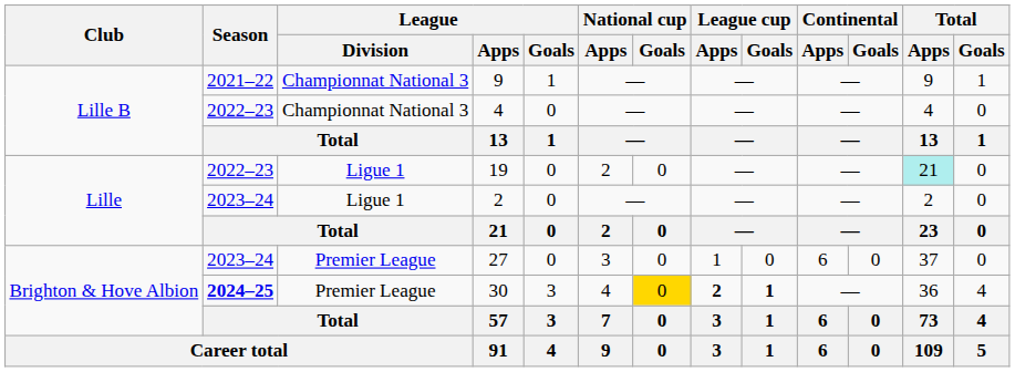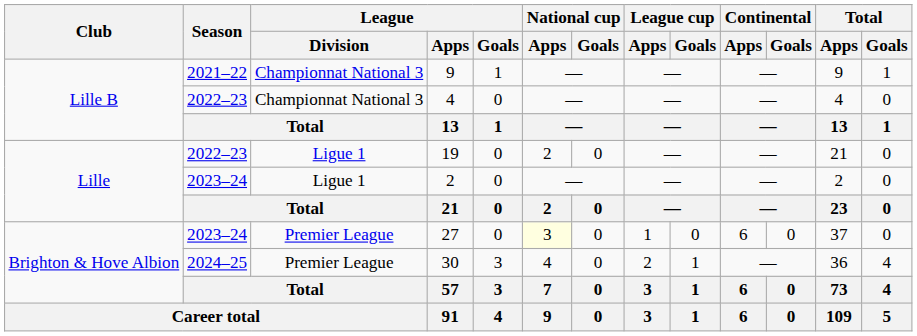 <table class="wikitable" style="text-align: center;">
 <tr>
 <th rowspan="2">Club</th>
 <th rowspan="2">Season</th>
 <th colspan="3">League</th>
 <th colspan="2">National cup</th>
 <th colspan="2">League cup</th>
 <th colspan="2">Continental</th>
 <th colspan="2">Total</th>
 </tr>
 <tr>
 <th>Division</th>
 <th>Apps</th>
 <th>Goals</th>
 <th>Apps</th>
 <th>Goals</th>
 <th>Apps</th>
 <th>Goals</th>
 <th>Apps</th>
 <th>Goals</th>
 <th>Apps</th>
 <th>Goals</th>
 </tr>
 <tr>
 <td rowspan="3"><a href='#'>Lille B</a></td>
 <td><a href='#'>2021–22</a></td>
 <td><a href='#'>Championnat National 3</a></td>
 <td>9</td>
 <td>1</td>
 <td colspan="2">—</td>
 <td colspan="2">—</td>
 <td colspan="2">—</td>
 <td>9</td>
 <td>1</td>
 </tr>
 <tr>
 <td><a href='#'>2022–23</a></td>
 <td>Championnat National 3</td>
 <td>4</td>
 <td>0</td>
 <td colspan="2">—</td>
 <td colspan="2">—</td>
 <td colspan="2">—</td>
 <td>4</td>
 <td>0</td>
 </tr>
 <tr>
 <th colspan="2">Total</th>
 <th>13</th>
 <th>1</th>
 <th colspan="2">—</th>
 <th colspan="2">—</th>
 <th colspan="2">—</th>
 <th>13</th>
 <th>1</th>
 </tr>
 <tr>
 <td rowspan="3"><a href='#'>Lille</a></td>
 <td><a href='#'>2022–23</a></td>
 <td><a href='#'>Ligue 1</a></td>
 <td>19</td>
 <td>0</td>
 <td>2</td>
 <td>0</td>
 <td colspan="2">—</td>
 <td colspan="2">—</td>
-<td style="background: paleturquoise;">21</td>
+<td>21</td>
 <td>0</td>
 </tr>
 <tr>
 <td><a href='#'>2023–24</a></td>
 <td>Ligue 1</td>
 <td>2</td>
 <td>0</td>
 <td colspan="2">—</td>
 <td colspan="2">—</td>
 <td colspan="2">—</td>
 <td>2</td>
 <td>0</td>
 </tr>
 <tr>
 <th colspan="2">Total</th>
 <th>21</th>
 <th>0</th>
 <th>2</th>
 <th>0</th>
 <th colspan="2">—</th>
 <th colspan="2">—</th>
 <th>23</th>
 <th>0</th>
 </tr>
 <tr>
 <td rowspan="3"><a href='#'>Brighton & Hove Albion</a></td>
 <td><a href='#'>2023–24</a></td>
 <td><a href='#'>Premier League</a></td>
 <td>27</td>
 <td>0</td>
-<td>3</td>
+<td style="background: lightyellow;">3</td>
 <td>0</td>
 <td>1</td>
 <td>0</td>
 <td>6</td>
 <td>0</td>
 <td>37</td>
 <td>0</td>
 </tr>
 <tr>
-<td><strong><a href='#'>2024–25</a></strong></td>
+<td><a href='#'>2024–25</a></td>
 <td>Premier League</td>
 <td>30</td>
 <td>3</td>
 <td>4</td>
-<td style="background: gold;">0</td>
-<td><strong>2</strong></td>
-<td><strong>1</strong></td>
+<td>0</td>
+<td>2</td>
+<td>1</td>
 <td colspan="2">—</td>
 <td>36</td>
 <td>4</td>
 </tr>
 <tr>
 <th colspan="2">Total</th>
 <th>57</th>
 <th>3</th>
 <th>7</th>
 <th>0</th>
 <th>3</th>
 <th>1</th>
 <th>6</th>
 <th>0</th>
 <th>73</th>
 <th>4</th>
 </tr>
 <tr>
 <th colspan="3">Career total</th>
 <th>91</th>
 <th>4</th>
 <th>9</th>
 <th>0</th>
 <th>3</th>
 <th>1</th>
 <th>6</th>
 <th>0</th>
 <th>109</th>
 <th>5</th>
 </tr>
 </table>
